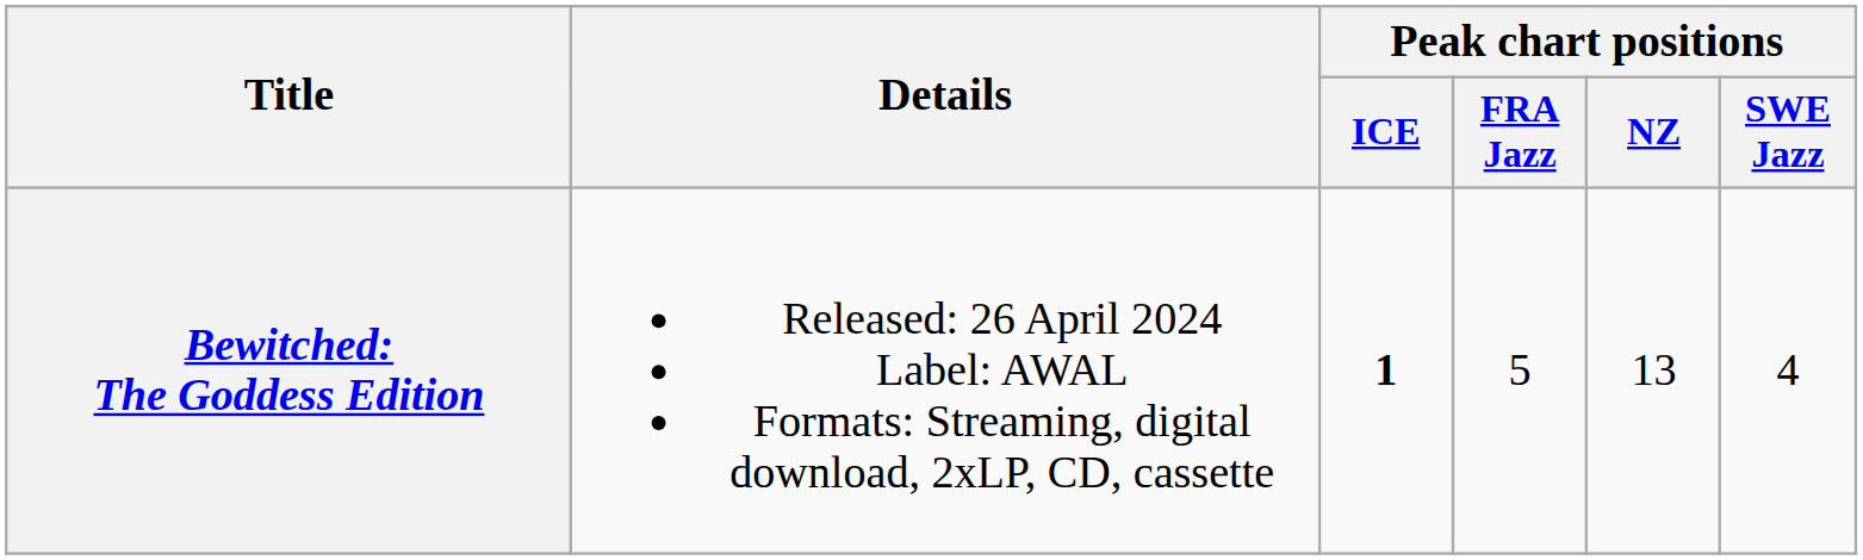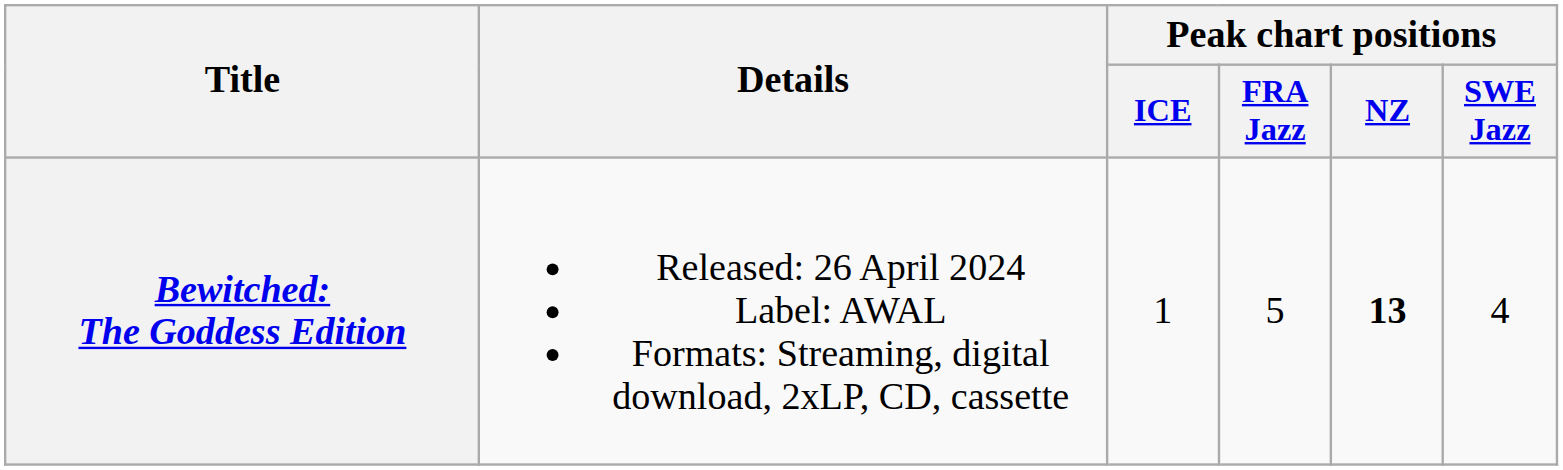 <table class="wikitable plainrowheaders" style="text-align:center">
 <tr>
 <th scope="col" rowspan="2" style="width:12em;">Title</th>
 <th scope="col" rowspan="2" style="width:16em;">Details</th>
 <th scope="col" colspan="4">Peak chart positions</th>
 </tr>
 <tr>
 <th scope="col" style="width:3em;font-size:85%;"><a href='#'>ICE</a><br></th>
 <th scope="col" style="width:3em;font-size:85%;"><a href='#'>FRA<br>Jazz</a><br></th>
 <th scope="col" style="width:3em;font-size:85%;"><a href='#'>NZ</a><br></th>
 <th scope="col" style="width:3em;font-size:85%;"><a href='#'>SWE<br>Jazz</a><br></th>
 </tr>
 <tr>
 <th scope="row"><em><a href='#'>Bewitched:<br>The Goddess Edition</a></em></th>
 <td><br><ul><li>Released: 26 April 2024</li><li>Label: AWAL</li><li>Formats: Streaming, digital download, 2xLP, CD, cassette</li></ul></td>
-<td><strong>1</strong></td>
+<td>1</td>
 <td>5</td>
-<td>13</td>
+<td><strong>13</strong></td>
 <td>4</td>
 </tr>
 </table>
